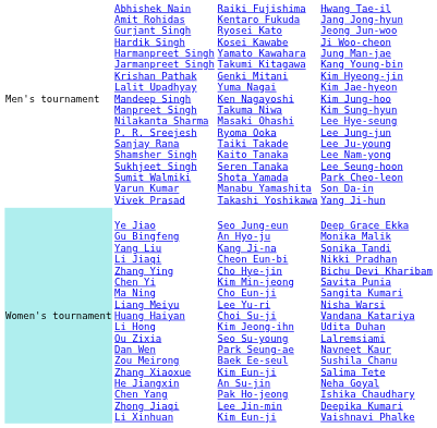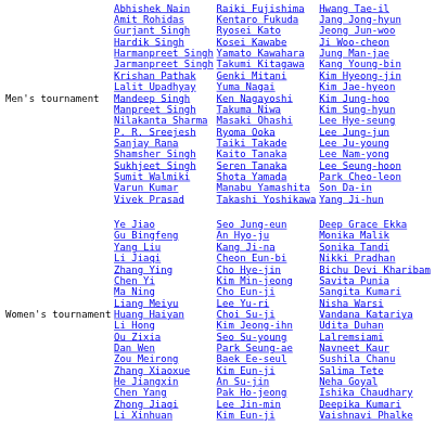 <table>
 <tr>
 <td>Men's tournament<br></td>
 <td><br><a href='#'>Abhishek Nain</a><br><a href='#'>Amit Rohidas</a><br><a href='#'>Gurjant Singh</a><br><a href='#'>Hardik Singh</a><br><a href='#'>Harmanpreet Singh</a><br><a href='#'>Jarmanpreet Singh</a><br><a href='#'>Krishan Pathak</a><br><a href='#'>Lalit Upadhyay</a><br><a href='#'>Mandeep Singh</a><br><a href='#'>Manpreet Singh</a><br><a href='#'>Nilakanta Sharma</a><br><a href='#'>P. R. Sreejesh</a><br><a href='#'>Sanjay Rana</a><br><a href='#'>Shamsher Singh</a><br><a href='#'>Sukhjeet Singh</a><br><a href='#'>Sumit Walmiki</a><br><a href='#'>Varun Kumar</a><br><a href='#'>Vivek Prasad</a></td>
 <td><br><a href='#'>Raiki Fujishima</a><br><a href='#'>Kentaro Fukuda</a><br><a href='#'>Ryosei Kato</a><br><a href='#'>Kosei Kawabe</a><br><a href='#'>Yamato Kawahara</a><br><a href='#'>Takumi Kitagawa</a><br><a href='#'>Genki Mitani</a><br><a href='#'>Yuma Nagai</a><br><a href='#'>Ken Nagayoshi</a><br><a href='#'>Takuma Niwa</a><br><a href='#'>Masaki Ohashi</a><br><a href='#'>Ryoma Ooka</a><br><a href='#'>Taiki Takade</a><br><a href='#'>Kaito Tanaka</a><br><a href='#'>Seren Tanaka</a><br><a href='#'>Shota Yamada</a><br><a href='#'>Manabu Yamashita</a><br><a href='#'>Takashi Yoshikawa</a></td>
 <td><br><a href='#'>Hwang Tae-il</a><br><a href='#'>Jang Jong-hyun</a><br><a href='#'>Jeong Jun-woo</a><br><a href='#'>Ji Woo-cheon</a><br><a href='#'>Jung Man-jae</a><br><a href='#'>Kang Young-bin</a><br><a href='#'>Kim Hyeong-jin</a><br><a href='#'>Kim Jae-hyeon</a><br><a href='#'>Kim Jung-hoo</a><br><a href='#'>Kim Sung-hyun</a><br><a href='#'>Lee Hye-seung</a><br><a href='#'>Lee Jung-jun</a><br><a href='#'>Lee Ju-young</a><br><a href='#'>Lee Nam-yong</a><br><a href='#'>Lee Seung-hoon</a><br><a href='#'>Park Cheo-leon</a><br><a href='#'>Son Da-in</a><br><a href='#'>Yang Ji-hun</a></td>
 </tr>
 <tr>
-<td style="background: paleturquoise;">Women's tournament<br></td>
+<td>Women's tournament<br></td>
 <td><br><a href='#'>Ye Jiao</a><br><a href='#'>Gu Bingfeng</a><br><a href='#'>Yang Liu</a><br><a href='#'>Li Jiaqi</a><br><a href='#'>Zhang Ying</a><br><a href='#'>Chen Yi</a><br><a href='#'>Ma Ning</a><br><a href='#'>Liang Meiyu</a><br><a href='#'>Huang Haiyan</a><br><a href='#'>Li Hong</a><br><a href='#'>Ou Zixia</a><br><a href='#'>Dan Wen</a><br><a href='#'>Zou Meirong</a><br><a href='#'>Zhang Xiaoxue</a><br><a href='#'>He Jiangxin</a><br><a href='#'>Chen Yang</a><br><a href='#'>Zhong Jiaqi</a><br><a href='#'>Li Xinhuan</a></td>
 <td><br><a href='#'>Seo Jung-eun</a><br><a href='#'>An Hyo-ju</a><br><a href='#'>Kang Ji-na</a><br><a href='#'>Cheon Eun-bi</a><br><a href='#'>Cho Hye-jin</a><br><a href='#'>Kim Min-jeong</a><br><a href='#'>Cho Eun-ji</a><br><a href='#'>Lee Yu-ri</a><br><a href='#'>Choi Su-ji</a><br><a href='#'>Kim Jeong-ihn</a><br><a href='#'>Seo Su-young</a><br><a href='#'>Park Seung-ae</a><br><a href='#'>Baek Ee-seul</a><br><a href='#'>Kim Eun-ji</a><br><a href='#'>An Su-jin</a><br><a href='#'>Pak Ho-jeong</a><br><a href='#'>Lee Jin-min</a><br><a href='#'>Kim Eun-ji</a></td>
 <td><br><a href='#'>Deep Grace Ekka</a><br><a href='#'>Monika Malik</a><br><a href='#'>Sonika Tandi</a><br><a href='#'>Nikki Pradhan</a><br><a href='#'>Bichu Devi Kharibam</a><br><a href='#'>Savita Punia</a><br><a href='#'>Sangita Kumari</a><br><a href='#'>Nisha Warsi</a><br><a href='#'>Vandana Katariya</a><br><a href='#'>Udita Duhan</a><br><a href='#'>Lalremsiami</a><br><a href='#'>Navneet Kaur</a><br><a href='#'>Sushila Chanu</a><br><a href='#'>Salima Tete</a><br><a href='#'>Neha Goyal</a><br><a href='#'>Ishika Chaudhary</a><br><a href='#'>Deepika Kumari</a><br><a href='#'>Vaishnavi Phalke</a></td>
 </tr>
 </table>
